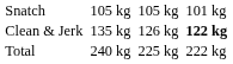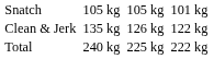 <table>
 <tr>
 <td>Snatch</td>
 <td></td>
 <td>105 kg</td>
 <td></td>
 <td>105 kg</td>
 <td></td>
 <td>101 kg</td>
 </tr>
 <tr>
 <td>Clean & Jerk</td>
 <td></td>
 <td>135 kg</td>
 <td></td>
 <td>126 kg</td>
 <td></td>
-<td><strong>122 kg</strong></td>
+<td>122 kg</td>
 </tr>
 <tr>
 <td>Total</td>
 <td></td>
 <td>240 kg</td>
 <td></td>
 <td>225 kg</td>
 <td></td>
 <td>222 kg</td>
 </tr>
 </table>
